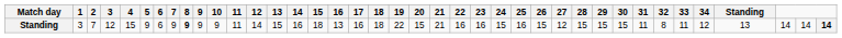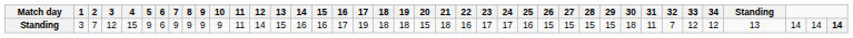 <table class="wikitable" style="width:100%; font-size:85%;">
 <tr valign=top>
 <th align=center>Match day</th>
 <th align=center>1</th>
 <th align=center>2</th>
 <th align=center>3</th>
 <th align=center>4</th>
 <th align=center>5</th>
 <th align=center>6</th>
 <th align=center>7</th>
 <th align=center>8</th>
 <th align=center>9</th>
 <th align=center>10</th>
 <th align=center>11</th>
 <th align=center>12</th>
 <th align=center>13</th>
 <th align=center>14</th>
 <th align=center>15</th>
 <th align=center>16</th>
 <th align=center>17</th>
 <th align=center>18</th>
 <th align=center>19</th>
 <th align=center>20</th>
 <th align=center>21</th>
 <th align=center>22</th>
 <th align=center>23</th>
 <th align=center>24</th>
 <th align=center>25</th>
 <th align=center>26</th>
 <th align=center>27</th>
 <th align=center>28</th>
 <th align=center>29</th>
 <th align=center>30</th>
 <th align=center>31</th>
 <th align=center>32</th>
 <th align=center>33</th>
 <th align=center>34</th>
 <th align=center><strong>Standing</strong></th>
 </tr>
 <tr>
 <th align=center>Standing</th>
 <td align=center>3</td>
 <td align=center>7</td>
 <td align=center>12</td>
 <td align=center>15</td>
 <td align=center>9</td>
 <td align=center>6</td>
 <td align=center>9</td>
-<td align=center><strong>9</strong></td>
+<td align=center>9</td>
 <td align=center>9</td>
 <td align=center>9</td>
 <td align=center>11</td>
 <td align=center>14</td>
 <td align=center>15</td>
 <td align=center>16</td>
+<td align=center>16</td>
+<td align=center>17</td>
+<td align=center>19</td>
 <td align=center>18</td>
-<td align=center>13</td>
+<td align=center>18</td>
+<td align=center>15</td>
+<td align=center>18</td>
 <td align=center>16</td>
-<td align=center>18</td>
-<td align=center>22</td>
-<td align=center>15</td>
-<td align=center>21</td>
+<td align=center>17</td>
+<td align=center>17</td>
 <td align=center>16</td>
-<td align=center>16</td>
-<td align=center>15</td>
-<td align=center>16</td>
-<td align=center>15</td>
-<td align=center>12</td>
 <td align=center>15</td>
 <td align=center>15</td>
 <td align=center>15</td>
+<td align=center>15</td>
+<td align=center>18</td>
 <td align=center>11</td>
-<td align=center>8</td>
-<td align=center>11</td>
+<td align=center>7</td>
+<td align=center>12</td>
 <td align=center>12</td>
 <td align=center>13</td>
 <td align=center>14</td>
 <td align=center>14</td>
 <th align=center><strong>14</strong></th>
 </tr>
 </table>
